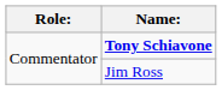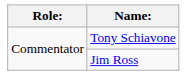 <table class=wikitable style="font-size:90%; margin: 0.5em 0 0.5em 1em; float: right; clear: right;">
 <tr>
 <th>Role:</th>
 <th>Name:</th>
 </tr>
 <tr>
 <td rowspan=2>Commentator</td>
-<td><strong><a href='#'>Tony Schiavone</a></strong></td>
+<td><a href='#'>Tony Schiavone</a></td>
 </tr>
 <tr>
 <td><a href='#'>Jim Ross</a></td>
 </tr>
 </table>
